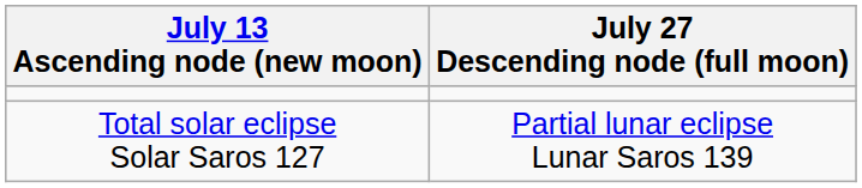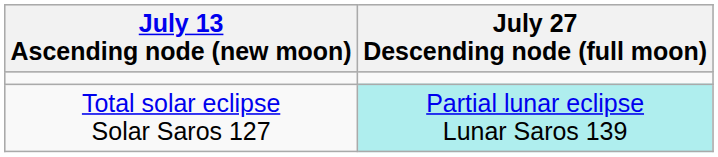 <table class="wikitable">
 <tr>
 <th><a href='#'>July 13</a><br>Ascending node (new moon)<br></th>
 <th>July 27<br>Descending node (full moon)<br></th>
 </tr>
 <tr>
 <td></td>
 <td></td>
 </tr>
 <tr align=center>
 <td><a href='#'>Total solar eclipse</a><br>Solar Saros 127</td>
-<td><a href='#'>Partial lunar eclipse</a><br>Lunar Saros 139</td>
+<td style="background: paleturquoise;"><a href='#'>Partial lunar eclipse</a><br>Lunar Saros 139</td>
 </tr>
 </table>
